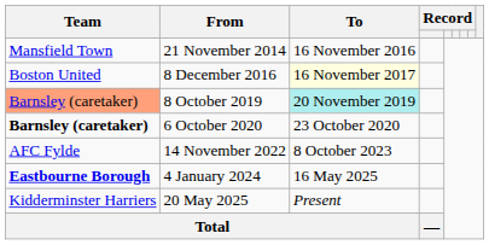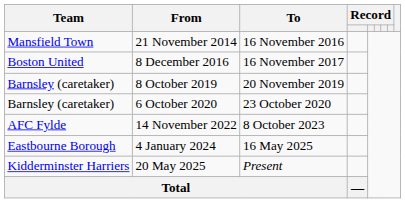 <table class=wikitable style="text-align: center">
 <tr>
 <th rowspan=2>Team</th>
 <th rowspan=2>From</th>
 <th rowspan=2>To</th>
 <th colspan=5>Record</th>
 <th rowspan=2></th>
 </tr>
 <tr>
 <th></th>
 <th></th>
 <th></th>
 <th></th>
 <th></th>
 </tr>
 <tr>
 <td align="left"><a href='#'>Mansfield Town</a></td>
 <td align="left">21 November 2014</td>
 <td align="left">16 November 2016<br></td>
 <td></td>
 </tr>
 <tr>
 <td align=left><a href='#'>Boston United</a></td>
 <td align=left>8 December 2016</td>
-<td align=left style="background: lightyellow;">16 November 2017<br></td>
+<td align=left>16 November 2017<br></td>
 <td></td>
 </tr>
 <tr>
-<td align=left style="background: lightsalmon;"><a href='#'>Barnsley</a> (caretaker)</td>
+<td align=left><a href='#'>Barnsley</a> (caretaker)</td>
 <td align=left>8 October 2019</td>
-<td align=left style="background: paleturquoise;">20 November 2019<br></td>
+<td align=left>20 November 2019<br></td>
 <td></td>
 </tr>
 <tr>
-<td align=left><strong>Barnsley (caretaker)</strong></td>
+<td align=left>Barnsley (caretaker)</td>
 <td align=left>6 October 2020</td>
 <td align=left>23 October 2020<br></td>
 <td></td>
 </tr>
 <tr>
 <td align=left><a href='#'>AFC Fylde</a></td>
 <td align=left>14 November 2022</td>
 <td align=left>8 October 2023<br></td>
 <td></td>
 </tr>
 <tr>
-<td align=left><strong><a href='#'>Eastbourne Borough</a></strong></td>
+<td align=left><a href='#'>Eastbourne Borough</a></td>
 <td align=left>4 January 2024</td>
 <td align=left>16 May 2025<br></td>
 <td></td>
 </tr>
 <tr>
 <td align=left><a href='#'>Kidderminster Harriers</a></td>
 <td align=left>20 May 2025</td>
 <td align=left><em>Present</em><br></td>
 <td></td>
 </tr>
 <tr>
 <th colspan=3>Total<br></th>
 <th>—</th>
 </tr>
 </table>
